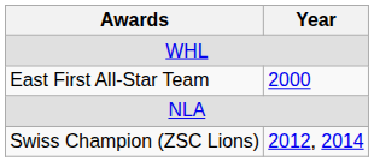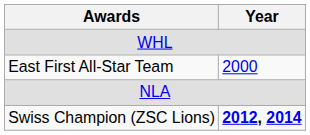 <table class="wikitable">
 <tr>
 <th>Awards</th>
 <th>Year</th>
 </tr>
 <tr ALIGN="center" bgcolor="#e0e0e0">
 <td colspan="3"><a href='#'>WHL</a></td>
 </tr>
 <tr>
 <td>East First All-Star Team</td>
 <td><a href='#'>2000</a></td>
 </tr>
 <tr ALIGN="center" bgcolor="#e0e0e0">
 <td colspan="3"><a href='#'>NLA</a></td>
 </tr>
 <tr>
 <td>Swiss Champion (ZSC Lions)</td>
-<td><a href='#'>2012</a>, <a href='#'>2014</a></td>
+<td><strong><a href='#'>2012</a>, <a href='#'>2014</a></strong></td>
 </tr>
 </table>
